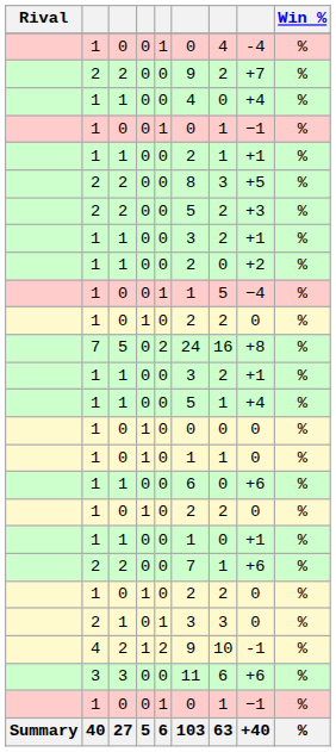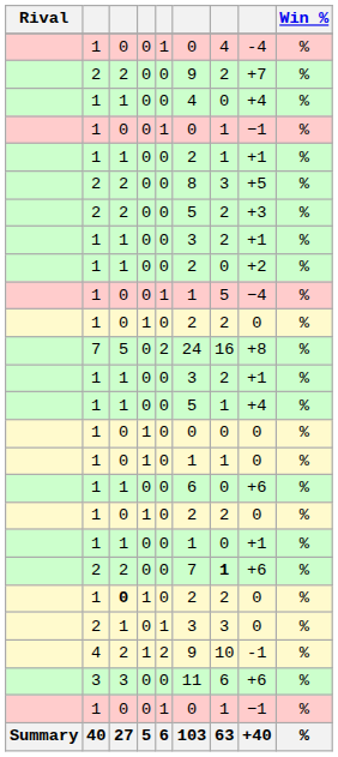 <table class="wikitable sortable" style="font-size:90%; text-align: center;">
 <tr>
 <th>Rival</th>
 <th></th>
 <th></th>
 <th></th>
 <th></th>
 <th></th>
 <th></th>
 <th></th>
 <th><a href='#'>Win %</a></th>
 </tr>
 <tr bgcolor="#d0ffd0" align="center">
 </tr>
 <tr bgcolor=#FFCCCC>
 <td align="left"></td>
 <td>1</td>
 <td>0</td>
 <td>0</td>
 <td>1</td>
 <td>0</td>
 <td>4</td>
 <td>-4</td>
 <td>%</td>
 </tr>
 <tr bgcolor=#CCFFCC>
 <td align="left"></td>
 <td>2</td>
 <td>2</td>
 <td>0</td>
 <td>0</td>
 <td>9</td>
 <td>2</td>
 <td>+7</td>
 <td>%</td>
 </tr>
 <tr bgcolor=#CCFFCC>
 <td align="left"></td>
 <td>1</td>
 <td>1</td>
 <td>0</td>
 <td>0</td>
 <td>4</td>
 <td>0</td>
 <td>+4</td>
 <td>%</td>
 </tr>
 <tr bgcolor=#FFCCCC>
 <td align="left"></td>
 <td>1</td>
 <td>0</td>
 <td>0</td>
 <td>1</td>
 <td>0</td>
 <td>1</td>
 <td>−1</td>
 <td>%</td>
 </tr>
 <tr bgcolor=#CCFFCC>
 <td align="left"></td>
 <td>1</td>
 <td>1</td>
 <td>0</td>
 <td>0</td>
 <td>2</td>
 <td>1</td>
 <td>+1</td>
 <td>%</td>
 </tr>
 <tr bgcolor=#CCFFCC>
 <td align="left"></td>
 <td>2</td>
 <td>2</td>
 <td>0</td>
 <td>0</td>
 <td>8</td>
 <td>3</td>
 <td>+5</td>
 <td>%</td>
 </tr>
 <tr bgcolor=#CCFFCC>
 <td align="left"></td>
 <td>2</td>
 <td>2</td>
 <td>0</td>
 <td>0</td>
 <td>5</td>
 <td>2</td>
 <td>+3</td>
 <td>%</td>
 </tr>
 <tr bgcolor=#CCFFCC>
 <td align="left"></td>
 <td>1</td>
 <td>1</td>
 <td>0</td>
 <td>0</td>
 <td>3</td>
 <td>2</td>
 <td>+1</td>
 <td>%</td>
 </tr>
 <tr bgcolor=#CCFFCC>
 <td align="left"></td>
 <td>1</td>
 <td>1</td>
 <td>0</td>
 <td>0</td>
 <td>2</td>
 <td>0</td>
 <td>+2</td>
 <td>%</td>
 </tr>
 <tr bgcolor=#FFCCCC>
 <td align="left"></td>
 <td>1</td>
 <td>0</td>
 <td>0</td>
 <td>1</td>
 <td>1</td>
 <td>5</td>
 <td>−4</td>
 <td>%</td>
 </tr>
 <tr bgcolor=LemonChiffon>
 <td align="left"></td>
 <td>1</td>
 <td>0</td>
 <td>1</td>
 <td>0</td>
 <td>2</td>
 <td>2</td>
 <td>0</td>
 <td>%</td>
 </tr>
 <tr bgcolor=#CCFFCC>
 <td align="left"></td>
 <td>7</td>
 <td>5</td>
 <td>0</td>
 <td>2</td>
 <td>24</td>
 <td>16</td>
 <td>+8</td>
 <td>%</td>
 </tr>
 <tr bgcolor=#CCFFCC>
 <td align="left"></td>
 <td>1</td>
 <td>1</td>
 <td>0</td>
 <td>0</td>
 <td>3</td>
 <td>2</td>
 <td>+1</td>
 <td>%</td>
 </tr>
 <tr bgcolor=#CCFFCC>
 <td align="left"></td>
 <td>1</td>
 <td>1</td>
 <td>0</td>
 <td>0</td>
 <td>5</td>
 <td>1</td>
 <td>+4</td>
 <td>%</td>
 </tr>
 <tr bgcolor=LemonChiffon>
 <td align="left"></td>
 <td>1</td>
 <td>0</td>
 <td>1</td>
 <td>0</td>
 <td>0</td>
 <td>0</td>
 <td>0</td>
 <td>%</td>
 </tr>
 <tr bgcolor=LemonChiffon>
 <td align="left"></td>
 <td>1</td>
 <td>0</td>
 <td>1</td>
 <td>0</td>
 <td>1</td>
 <td>1</td>
 <td>0</td>
 <td>%</td>
 </tr>
 <tr bgcolor=#CCFFCC>
 <td align="left"></td>
 <td>1</td>
 <td>1</td>
 <td>0</td>
 <td>0</td>
 <td>6</td>
 <td>0</td>
 <td>+6</td>
 <td>%</td>
 </tr>
 <tr bgcolor=LemonChiffon>
 <td align="left"></td>
 <td>1</td>
 <td>0</td>
 <td>1</td>
 <td>0</td>
 <td>2</td>
 <td>2</td>
 <td>0</td>
 <td>%</td>
 </tr>
 <tr bgcolor=#CCFFCC>
 <td align="left"></td>
 <td>1</td>
 <td>1</td>
 <td>0</td>
 <td>0</td>
 <td>1</td>
 <td>0</td>
 <td>+1</td>
 <td>%</td>
 </tr>
 <tr bgcolor=#CCFFCC>
 <td align="left"></td>
 <td>2</td>
 <td>2</td>
 <td>0</td>
 <td>0</td>
 <td>7</td>
-<td>1</td>
+<td><strong>1</strong></td>
 <td>+6</td>
 <td>%</td>
 </tr>
 <tr bgcolor=LemonChiffon>
 <td align="left"></td>
 <td>1</td>
-<td>0</td>
+<td><strong>0</strong></td>
 <td>1</td>
 <td>0</td>
 <td>2</td>
 <td>2</td>
 <td>0</td>
 <td>%</td>
 </tr>
 <tr bgcolor=LemonChiffon>
 <td align="left"></td>
 <td>2</td>
 <td>1</td>
 <td>0</td>
 <td>1</td>
 <td>3</td>
 <td>3</td>
 <td>0</td>
 <td>%</td>
 </tr>
 <tr bgcolor=LemonChiffon>
 <td align="left"></td>
 <td>4</td>
 <td>2</td>
 <td>1</td>
 <td>2</td>
 <td>9</td>
 <td>10</td>
 <td>-1</td>
 <td>%</td>
 </tr>
 <tr bgcolor=#CCFFCC>
 <td align="left"></td>
 <td>3</td>
 <td>3</td>
 <td>0</td>
 <td>0</td>
 <td>11</td>
 <td>6</td>
 <td>+6</td>
 <td>%</td>
 </tr>
 <tr bgcolor=#FFCCCC>
 <td align="left"></td>
 <td>1</td>
 <td>0</td>
 <td>0</td>
 <td>1</td>
 <td>0</td>
 <td>1</td>
 <td>−1</td>
 <td>%</td>
 </tr>
 <tr>
 <th align="left">Summary</th>
 <th>40</th>
 <th>27</th>
 <th>5</th>
 <th>6</th>
 <th>103</th>
 <th>63</th>
 <th>+40</th>
 <th>%</th>
 </tr>
 </table>
